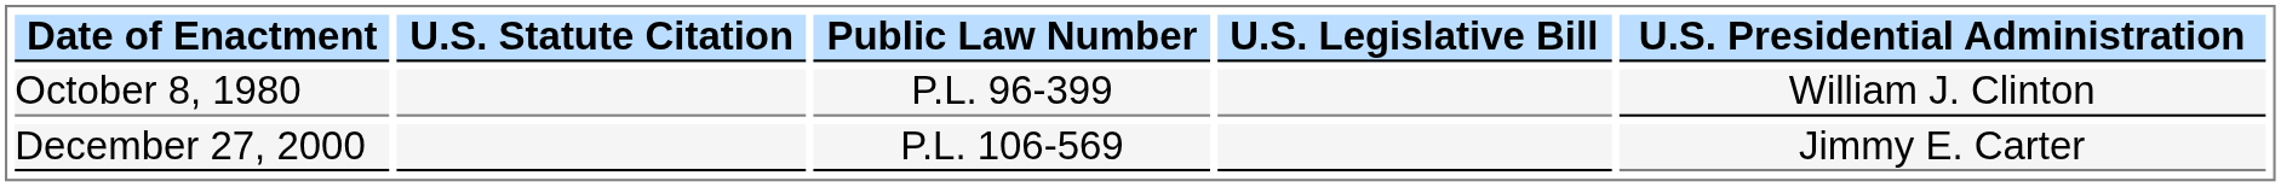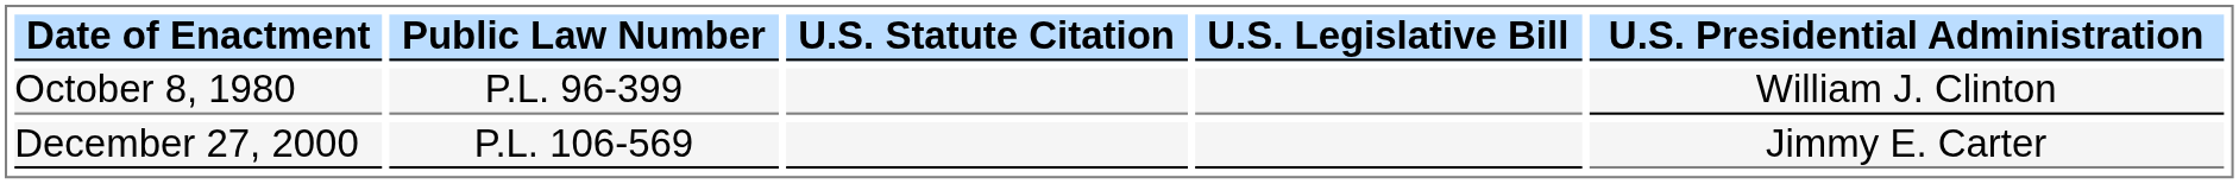 <table style="border:1px solid gray; align:left; width:72%" cellspacing=3 cellpadding=0>
 <tr style="font-weight:bold; text-align:center; background:#bbddff; color:black;">
 <th style=" border-bottom:1.5px solid black">Date of Enactment</th>
+<th style=" border-bottom:1.5px solid black">Public Law Number</th>
 <th style=" border-bottom:1.5px solid black">U.S. Statute Citation</th>
-<th style=" border-bottom:1.5px solid black">Public Law Number</th>
 <th style=" border-bottom:1.5px solid black">U.S. Legislative Bill</th>
 <th style=" border-bottom:1.5px solid black">U.S. Presidential Administration</th>
 </tr>
 <tr>
 <td style="border-bottom:1px solid gray; background:#F5F5F5;">October 8, 1980</td>
+<td style="border-bottom:1px solid gray; background:#F5F5F5; text-align:center;">P.L. 96-399</td>
 <td style="border-bottom:1px solid gray; background:#F5F5F5; text-align:center;"></td>
-<td style="border-bottom:1px solid gray; background:#F5F5F5; text-align:center;">P.L. 96-399</td>
 <td style="border-bottom:1px solid gray; background:#F5F5F5; text-align:center;"></td>
 <td style="border-bottom:1.5px solid black; background:#F5F5F5; text-align:center;">William J. Clinton</td>
 </tr>
 <tr>
 <td style="border-bottom:1.5px solid black; background:#F5F5F5;">December 27, 2000</td>
+<td style="border-bottom:1.5px solid black; background:#F5F5F5; text-align:center;">P.L. 106-569</td>
 <td style="border-bottom:1.5px solid black; background:#F5F5F5; text-align:center;"></td>
-<td style="border-bottom:1.5px solid black; background:#F5F5F5; text-align:center;">P.L. 106-569</td>
 <td style="border-bottom:1.5px solid black; background:#F5F5F5; text-align:center;"></td>
 <td style="border-bottom:1px solid gray; background:#F5F5F5; text-align:center;">Jimmy E. Carter</td>
 </tr>
 </table>
